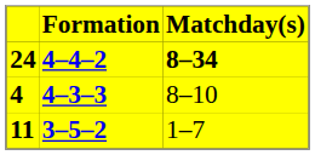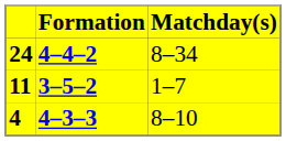 <table class="toccolours" border="0" cellpadding="2" cellspacing="0" align="center" style="margin: 0.5em 0 1em 1em; background: #000000; border: 1px #aaaaaa solid;">
 <tr bgcolor=#FFFF00>
 <th></th>
 <th>Formation</th>
 <th>Matchday(s)</th>
 </tr>
 <tr bgcolor=#FFFF00>
 <td><strong>24</strong></td>
 <td><a href='#'><span><strong>4–4–2</strong></span></a></td>
-<td><strong>8–34</strong></td>
+<td>8–34</td>
+</tr>
+<tr bgcolor=#FFFF00>
+<td><strong>11</strong></td>
+<td><a href='#'><span><strong>3–5–2</strong></span></a></td>
+<td>1–7</td>
 </tr>
 <tr bgcolor=#FFFF00>
 <td><strong>4</strong></td>
 <td><a href='#'><span><strong>4–3–3</strong></span></a></td>
 <td>8–10</td>
 </tr>
-<tr bgcolor=#FFFF00>
-<td><strong>11</strong></td>
-<td><a href='#'><span><strong>3–5–2</strong></span></a></td>
-<td>1–7</td>
-</tr>
 </table>
